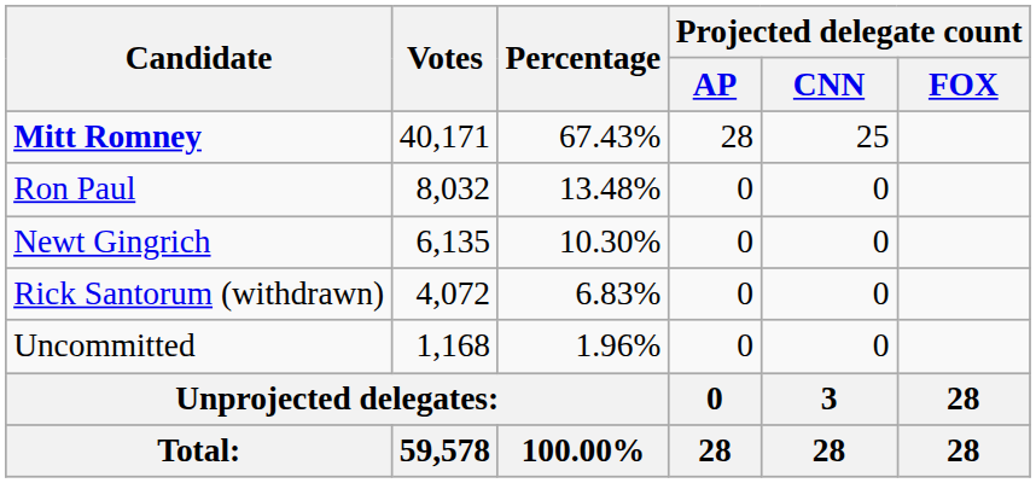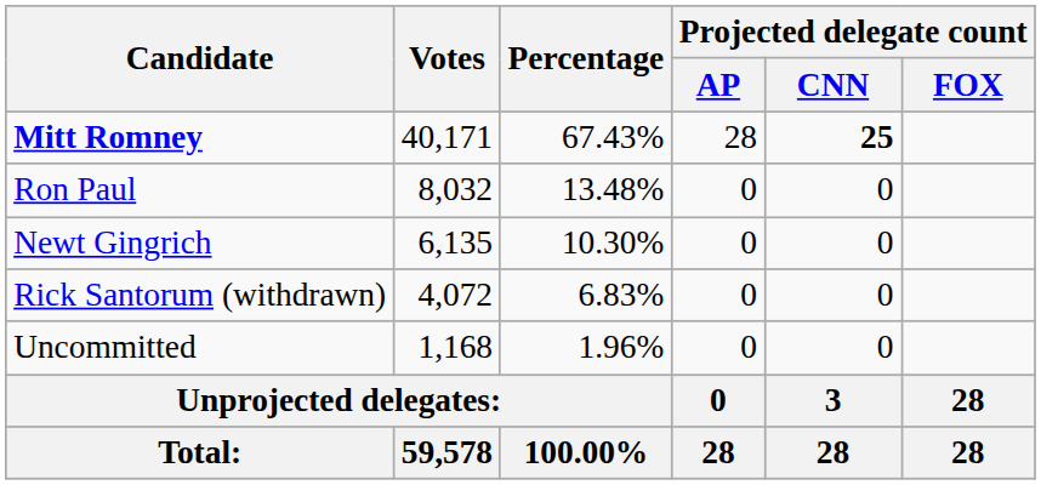 <table class="wikitable" style="text-align:right;">
 <tr>
 <th rowspan="2">Candidate</th>
 <th rowspan="2">Votes</th>
 <th rowspan="2">Percentage</th>
 <th colspan="3">Projected delegate count</th>
 </tr>
 <tr>
 <th><a href='#'>AP</a></th>
 <th><a href='#'>CNN</a><br></th>
 <th><a href='#'>FOX</a><br></th>
 </tr>
 <tr>
 <td style="text-align:left;"> <strong><a href='#'>Mitt Romney</a></strong></td>
 <td>40,171</td>
 <td>67.43%</td>
 <td>28</td>
-<td>25</td>
+<td><strong>25</strong></td>
 <td></td>
 </tr>
 <tr>
 <td style="text-align:left;"><a href='#'>Ron Paul</a></td>
 <td>8,032</td>
 <td>13.48%</td>
 <td>0</td>
 <td>0</td>
 <td></td>
 </tr>
 <tr>
 <td style="text-align:left;"><a href='#'>Newt Gingrich</a></td>
 <td>6,135</td>
 <td>10.30%</td>
 <td>0</td>
 <td>0</td>
 <td></td>
 </tr>
 <tr>
 <td style="text-align:left;"><a href='#'>Rick Santorum</a> (withdrawn)</td>
 <td>4,072</td>
 <td>6.83%</td>
 <td>0</td>
 <td>0</td>
 <td></td>
 </tr>
 <tr>
 <td style="text-align:left;">Uncommitted</td>
 <td>1,168</td>
 <td>1.96%</td>
 <td>0</td>
 <td>0</td>
 <td></td>
 </tr>
 <tr style="background:#eee;">
 <th colspan="3">Unprojected delegates:</th>
 <th>0</th>
 <th>3</th>
 <th>28</th>
 </tr>
 <tr style="background:#eee;">
 <th>Total:</th>
 <th>59,578</th>
 <th>100.00%</th>
 <th>28</th>
 <th>28</th>
 <th>28</th>
 </tr>
 </table>
